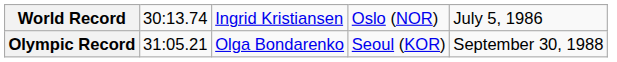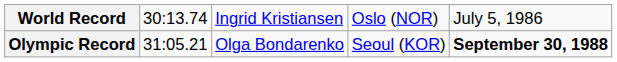 <table class="wikitable" style="font-size:95%;">
 <tr>
 <th>World Record</th>
 <td>30:13.74</td>
 <td> <a href='#'>Ingrid Kristiansen</a></td>
 <td><a href='#'>Oslo</a> (<a href='#'>NOR</a>)</td>
 <td>July 5, 1986</td>
 </tr>
 <tr>
 <th>Olympic Record</th>
 <td>31:05.21</td>
 <td> <a href='#'>Olga Bondarenko</a></td>
 <td><a href='#'>Seoul</a> (<a href='#'>KOR</a>)</td>
-<td>September 30, 1988</td>
+<td><strong>September 30, 1988</strong></td>
 </tr>
 </table>
